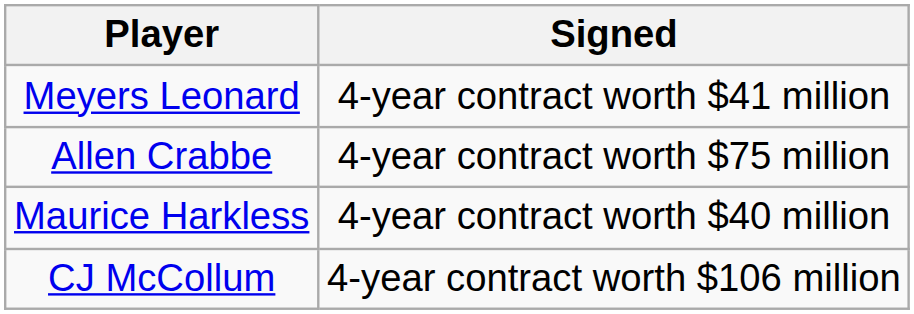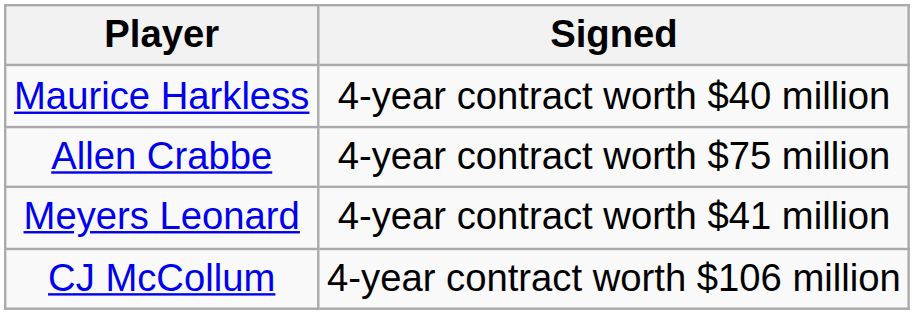 <table class="wikitable sortable sortable">
 <tr>
 <th>Player</th>
 <th>Signed</th>
 </tr>
 <tr style="text-align: center">
-<td><a href='#'>Meyers Leonard</a></td>
-<td>4-year contract worth $41 million</td>
+<td><a href='#'>Maurice Harkless</a></td>
+<td>4-year contract worth $40 million</td>
 </tr>
 <tr style="text-align: center">
 <td><a href='#'>Allen Crabbe</a></td>
 <td>4-year contract worth $75 million</td>
 </tr>
 <tr style="text-align: center">
-<td><a href='#'>Maurice Harkless</a></td>
-<td>4-year contract worth $40 million</td>
+<td><a href='#'>Meyers Leonard</a></td>
+<td>4-year contract worth $41 million</td>
 </tr>
 <tr style="text-align: center">
 <td><a href='#'>CJ McCollum</a></td>
 <td>4-year contract worth $106 million</td>
 </tr>
 </table>
